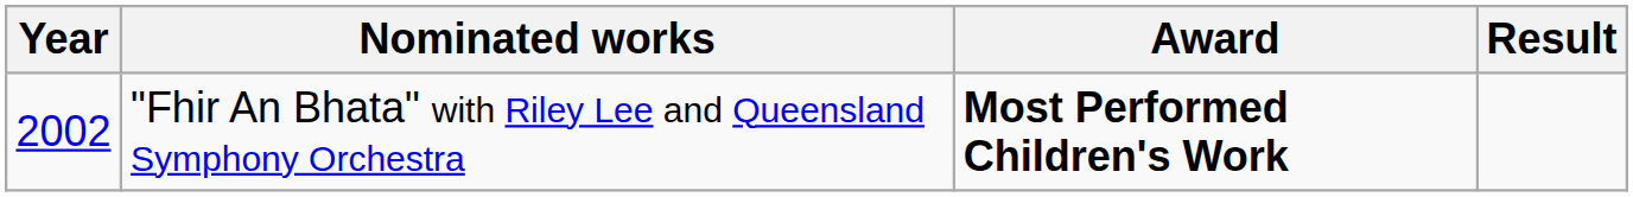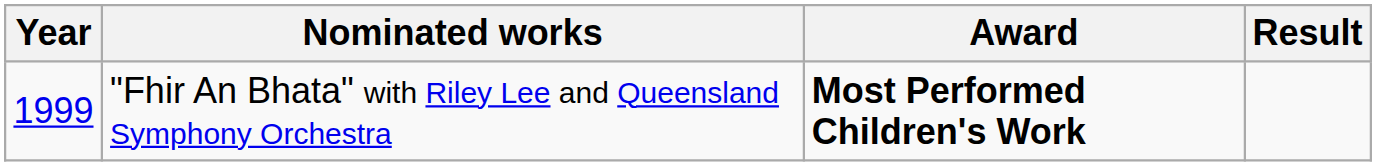 <table class="wikitable">
 <tr>
 <th>Year</th>
 <th>Nominated works</th>
 <th>Award</th>
 <th>Result</th>
 </tr>
 <tr>
-<td><a href='#'>2002</a></td>
+<td><a href='#'>1999</a></td>
 <td>"Fhir An Bhata" <small>with <a href='#'>Riley Lee</a> and <a href='#'>Queensland Symphony Orchestra</a></small></td>
 <td><strong>Most Performed Children's Work</strong></td>
 <td></td>
 </tr>
 </table>
